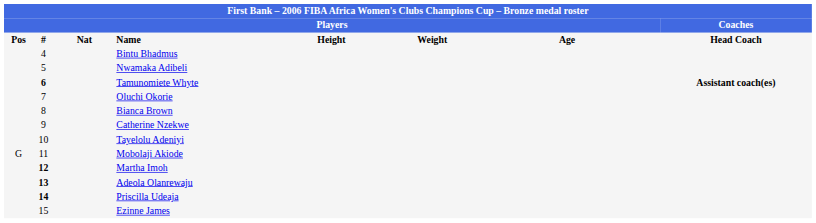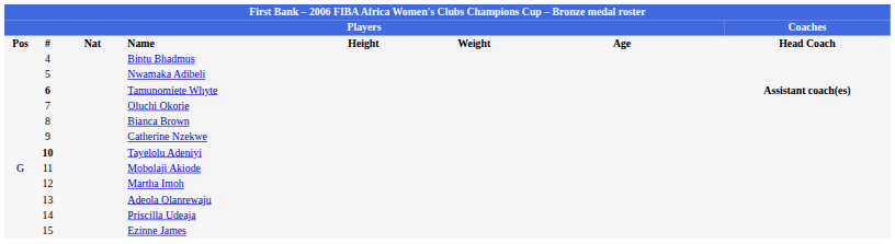 <table border=0 cellpadding=2 cellspacing=0  |- bgcolor=#f5f5f5 style="text-align:center; font-size:90%;" width=75%>
 <tr>
 <td colspan="8" style="background: #4169e1; color: white"><strong>First Bank – 2006 FIBA Africa Women's Clubs Champions Cup – Bronze medal roster</strong></td>
 </tr>
 <tr>
 <td colspan="7" style="background: #4169e1; color: white"><strong>Players</strong></td>
 <td style="background: #4169e1; color: white"><strong>Coaches</strong></td>
 </tr>
 <tr style="background=#f5f5f5; color: black">
 <th width=5px>Pos</th>
 <th width=5px>#</th>
 <th width=50px>Nat</th>
 <th width=135px align=left>Name</th>
 <th width=100px>Height</th>
 <th width=70px>Weight</th>
 <th width=160px>Age</th>
 <th width=130px>Head Coach</th>
 </tr>
 <tr>
 <td></td>
 <td>4</td>
 <td></td>
 <td align=left><a href='#'>Bintu Bhadmus</a></td>
 <td></td>
 <td></td>
 <td><span></span></td>
 <td></td>
 </tr>
 <tr>
 <td></td>
 <td>5</td>
 <td></td>
 <td align=left><a href='#'>Nwamaka Adibeli</a></td>
 <td></td>
 <td></td>
 <td><span></span></td>
 </tr>
 <tr>
 <td></td>
 <td><strong>6</strong></td>
 <td></td>
 <td align=left><a href='#'>Tamunomiete Whyte</a></td>
 <td></td>
 <td></td>
 <td><span></span></td>
 <td><strong>Assistant coach(es)</strong></td>
 </tr>
 <tr>
 <td></td>
 <td>7</td>
 <td></td>
 <td align=left><a href='#'>Oluchi Okorie</a></td>
 <td></td>
 <td></td>
 <td><span></span></td>
 <td></td>
 </tr>
 <tr>
 <td></td>
 <td>8</td>
 <td></td>
 <td align=left><a href='#'>Bianca Brown</a></td>
 <td></td>
 <td></td>
 <td><span></span></td>
 <td></td>
 </tr>
 <tr>
 <td></td>
 <td>9</td>
 <td></td>
 <td align=left><a href='#'>Catherine Nzekwe</a></td>
 <td></td>
 <td></td>
 <td><span></span></td>
 </tr>
 <tr>
 <td></td>
-<td>10</td>
+<td><strong>10</strong></td>
 <td></td>
 <td align=left><a href='#'>Tayelolu Adeniyi</a></td>
 <td></td>
 <td></td>
 <td><span></span></td>
 </tr>
 <tr>
 <td>G</td>
 <td>11</td>
 <td></td>
 <td align=left><a href='#'>Mobolaji Akiode</a></td>
 <td><span></span></td>
 <td><span></span></td>
 <td><span></span></td>
 </tr>
 <tr>
 <td></td>
-<td><strong>12</strong></td>
+<td>12</td>
 <td></td>
 <td align=left><a href='#'>Martha Imoh</a></td>
 <td></td>
 <td></td>
 <td><span></span></td>
 </tr>
 <tr>
 <td></td>
-<td><strong>13</strong></td>
+<td>13</td>
 <td></td>
 <td align=left><a href='#'>Adeola Olanrewaju</a></td>
 <td></td>
 <td></td>
 <td><span></span></td>
 </tr>
 <tr>
 <td></td>
-<td><strong>14</strong></td>
+<td>14</td>
 <td></td>
 <td align=left><a href='#'>Priscilla Udeaja</a></td>
 <td></td>
 <td></td>
 <td><span></span></td>
 </tr>
 <tr>
 <td></td>
 <td>15</td>
 <td></td>
 <td align=left><a href='#'>Ezinne James</a></td>
 <td></td>
 <td></td>
 <td><span></span></td>
 </tr>
 </table>
